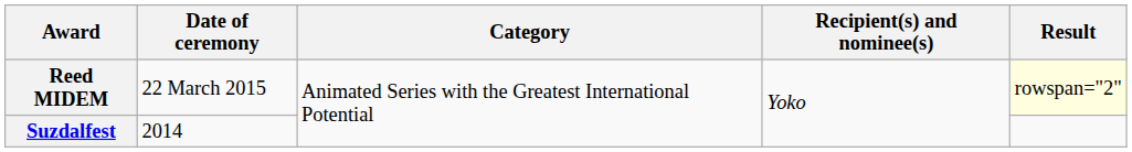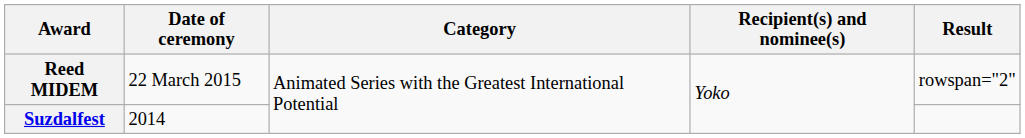 <table class="wikitable sortable plainrowheaders" style="width: 100%;">
 <tr>
 <th scope="col">Award</th>
 <th scope="col">Date of ceremony</th>
 <th scope="col">Category</th>
 <th scope="col">Recipient(s) and nominee(s)</th>
 <th scope="col">Result</th>
 </tr>
 <tr>
 <th scope="row">Reed MIDEM</th>
 <td>22 March 2015</td>
 <td rowspan="2">Animated Series with the Greatest International Potential</td>
 <td rowspan="2"><em>Yoko</em></td>
-<td style="background: lightyellow;">rowspan="2" </td>
+<td>rowspan="2" </td>
 </tr>
 <tr>
 <th scope="row"><a href='#'>Suzdalfest</a></th>
 <td>2014</td>
 </tr>
 </table>
